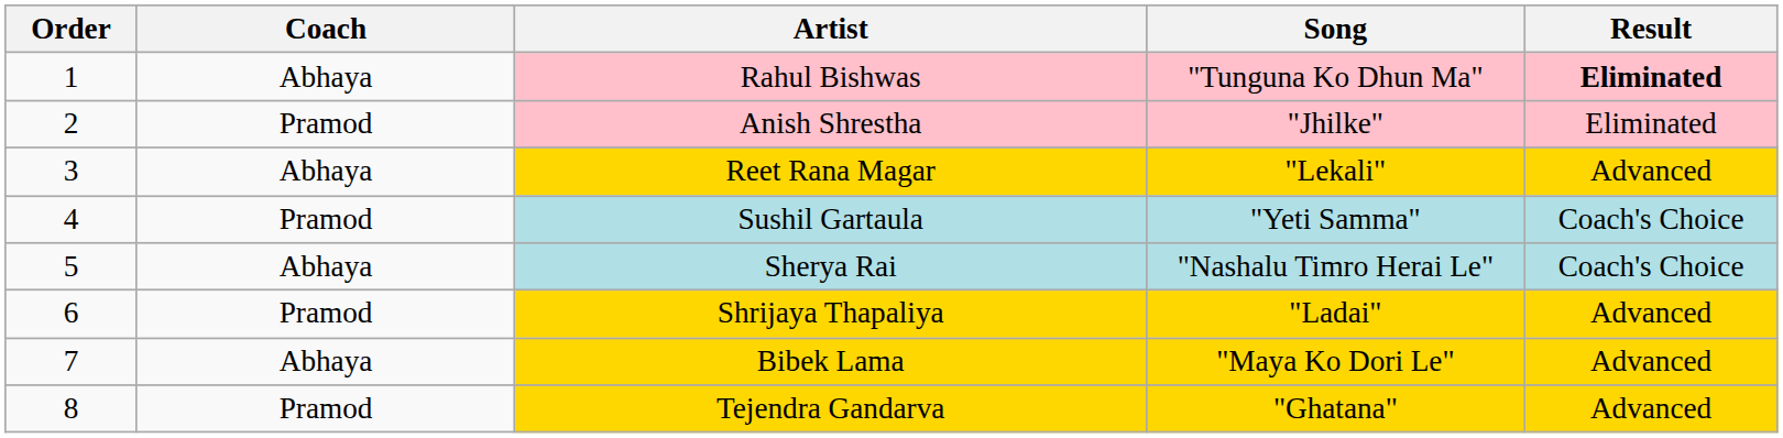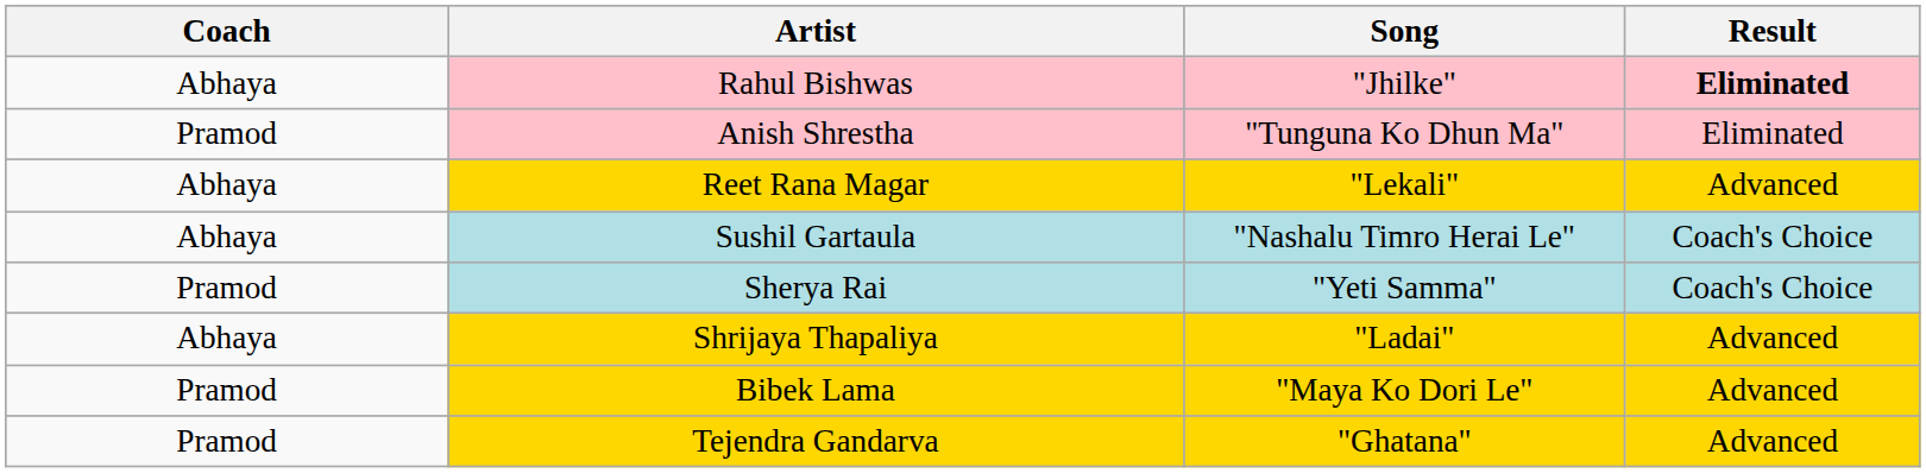 <table class="wikitable plainrowheaders" style="text-align:center; width:75%;">
 <tr>
-<th scope="col" style="width:05%;">Order</th>
 <th scope="col" style="width:15%;">Coach</th>
 <th scope="col" style="width:25%;">Artist</th>
 <th scope="col" style="width:15%;">Song</th>
 <th scope="col" style="width:10%;">Result</th>
 </tr>
 <tr>
-<td scope="row">1</td>
 <td>Abhaya</td>
 <td style="background:pink">Rahul Bishwas</td>
-<td style="background:pink">"Tunguna Ko Dhun Ma"</td>
+<td style="background:pink">"Jhilke"</td>
 <td style="background:pink"><strong>Eliminated</strong></td>
 </tr>
 <tr>
-<td scope="row">2</td>
 <td>Pramod</td>
 <td style="background:pink">Anish Shrestha</td>
-<td style="background:pink">"Jhilke"</td>
+<td style="background:pink">"Tunguna Ko Dhun Ma"</td>
 <td style="background:pink">Eliminated</td>
 </tr>
 <tr>
-<td scope="row">3</td>
 <td>Abhaya</td>
 <td style="background:gold">Reet Rana Magar</td>
 <td style="background:gold">"Lekali"</td>
 <td style="background:gold">Advanced</td>
 </tr>
 <tr>
-<td scope="row">4</td>
+<td>Abhaya</td>
+<td style="background:#b0e0e6">Sushil Gartaula</td>
+<td style="background:#b0e0e6">"Nashalu Timro Herai Le"</td>
+<td style="background:#b0e0e6">Coach's Choice</td>
+</tr>
+<tr>
 <td>Pramod</td>
-<td style="background:#b0e0e6">Sushil Gartaula</td>
+<td style="background:#b0e0e6">Sherya Rai</td>
 <td style="background:#b0e0e6">"Yeti Samma"</td>
 <td style="background:#b0e0e6">Coach's Choice</td>
 </tr>
 <tr>
-<td scope="row" `>5</td>
 <td>Abhaya</td>
-<td style="background:#b0e0e6">Sherya Rai</td>
-<td style="background:#b0e0e6">"Nashalu Timro Herai Le"</td>
-<td style="background:#b0e0e6">Coach's Choice</td>
-</tr>
-<tr>
-<td scope="row">6</td>
-<td>Pramod</td>
 <td style="background:gold">Shrijaya Thapaliya</td>
 <td style="background:gold">"Ladai"</td>
 <td style="background:gold">Advanced</td>
 </tr>
 <tr>
-<td scope="row">7</td>
-<td>Abhaya</td>
+<td>Pramod</td>
 <td style="background:gold">Bibek Lama</td>
 <td style="background:gold">"Maya Ko Dori Le"</td>
 <td style="background:gold">Advanced</td>
 </tr>
 <tr>
-<td scope="row">8</td>
 <td>Pramod</td>
 <td style="background:gold">Tejendra Gandarva</td>
 <td style="background:gold">"Ghatana"</td>
 <td style="background:gold">Advanced</td>
 </tr>
 </table>
